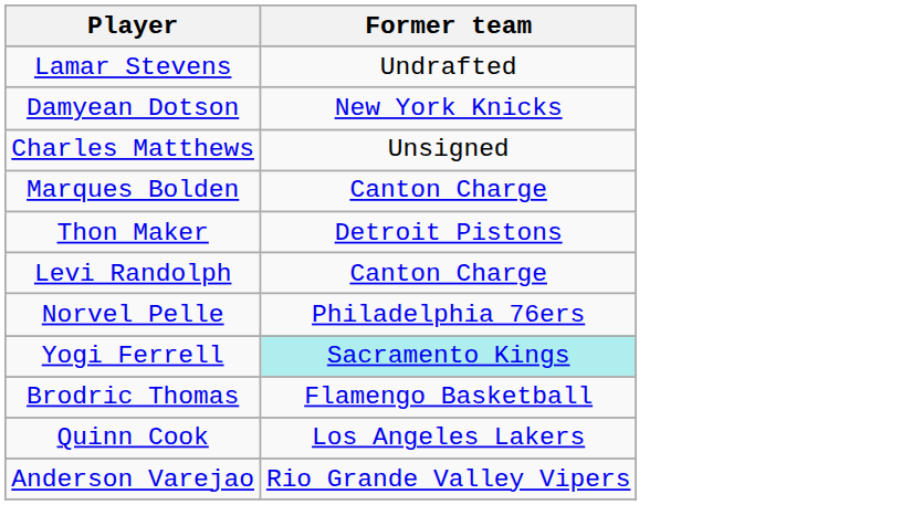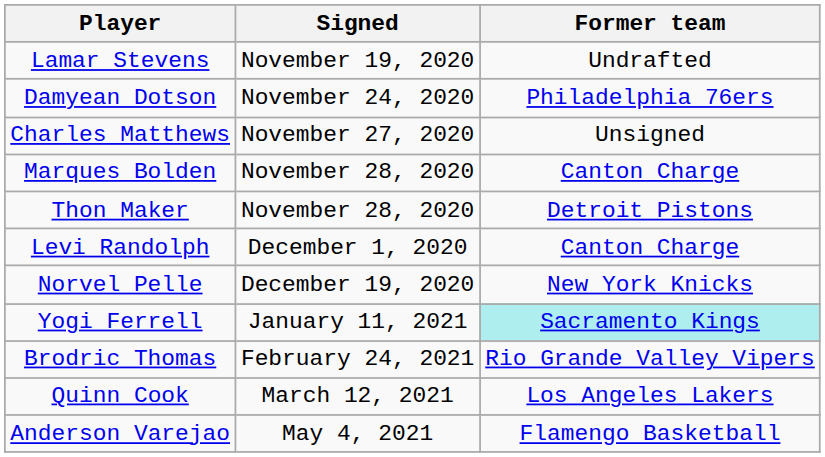 <table class="wikitable sortable sortable" style="text-align: center">
 <tr>
 <th>Player</th>
+<th>Signed</th>
 <th>Former team</th>
 </tr>
 <tr>
 <td><a href='#'>Lamar Stevens</a></td>
+<td>November 19, 2020</td>
 <td>Undrafted</td>
 </tr>
 <tr>
 <td><a href='#'>Damyean Dotson</a></td>
-<td><a href='#'>New York Knicks</a></td>
+<td>November 24, 2020</td>
+<td><a href='#'>Philadelphia 76ers</a></td>
 </tr>
 <tr>
 <td><a href='#'>Charles Matthews</a></td>
+<td>November 27, 2020</td>
 <td>Unsigned</td>
 </tr>
 <tr>
 <td><a href='#'>Marques Bolden</a></td>
+<td>November 28, 2020</td>
 <td><a href='#'>Canton Charge</a></td>
 </tr>
 <tr>
 <td><a href='#'>Thon Maker</a></td>
+<td>November 28, 2020</td>
 <td><a href='#'>Detroit Pistons</a></td>
 </tr>
 <tr>
 <td><a href='#'>Levi Randolph</a></td>
+<td>December 1, 2020</td>
 <td><a href='#'>Canton Charge</a></td>
 </tr>
 <tr>
 <td><a href='#'>Norvel Pelle</a></td>
-<td><a href='#'>Philadelphia 76ers</a></td>
+<td>December 19, 2020</td>
+<td><a href='#'>New York Knicks</a></td>
 </tr>
 <tr>
 <td><a href='#'>Yogi Ferrell</a></td>
+<td>January 11, 2021</td>
 <td style="background: paleturquoise;"><a href='#'>Sacramento Kings</a></td>
 </tr>
 <tr>
 <td><a href='#'>Brodric Thomas</a></td>
-<td><a href='#'>Flamengo Basketball</a></td>
+<td>February 24, 2021</td>
+<td><a href='#'>Rio Grande Valley Vipers</a></td>
 </tr>
 <tr>
 <td><a href='#'>Quinn Cook</a></td>
+<td>March 12, 2021</td>
 <td><a href='#'>Los Angeles Lakers</a></td>
 </tr>
 <tr>
 <td><a href='#'>Anderson Varejao</a></td>
-<td><a href='#'>Rio Grande Valley Vipers</a></td>
+<td>May 4, 2021</td>
+<td><a href='#'>Flamengo Basketball</a></td>
 </tr>
 </table>
